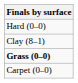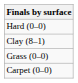 <table class="wikitable" style="font-size:90%;">
 <tr>
 <th>Finals by surface</th>
 </tr>
 <tr>
 <td>Hard (0–0)</td>
 </tr>
 <tr>
 <td>Clay (8–1)</td>
 </tr>
 <tr>
-<td><strong>Grass (0–0)</strong></td>
+<td>Grass (0–0)</td>
 </tr>
 <tr>
 <td>Carpet (0–0)</td>
 </tr>
 </table>
